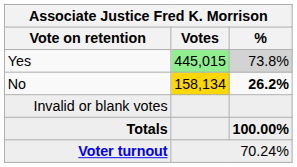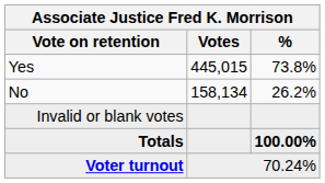 <table class="wikitable" style="font-size: 95%;">
 <tr style="background-color:#E9E9E9">
 <th colspan=7>Associate Justice Fred K. Morrison</th>
 </tr>
 <tr style="background-color:#E9E9E9">
 <th style="width: 170px">Vote on retention</th>
 <th style="width: 50px">Votes</th>
 <th style="width: 40px">%</th>
 </tr>
 <tr>
 <td>Yes</td>
-<td align="right" style="background: lightgreen;">445,015</td>
-<td align="right" style="background: lightgrey;">73.8%</td>
+<td align="right">445,015</td>
+<td align="right">73.8%</td>
 </tr>
 <tr>
 <td>No</td>
-<td align="right" style="background: gold;">158,134</td>
-<td align="right"><strong>26.2%</strong></td>
+<td align="right">158,134</td>
+<td align="right">26.2%</td>
 </tr>
 <tr bgcolor="#EEEEEE">
 <td align="right">Invalid or blank votes</td>
 <td align="right"></td>
 <td align="right"></td>
 </tr>
 <tr bgcolor="#EEEEEE">
 <td align="right"><strong>Totals</strong></td>
 <td align="right"><strong></strong></td>
 <td align="right"><strong>100.00%</strong></td>
 </tr>
 <tr bgcolor="#EEEEEE">
 <td align="right"><strong><a href='#'>Voter turnout</a></strong></td>
 <td colspan="2" align="right">70.24%</td>
 </tr>
 </table>
